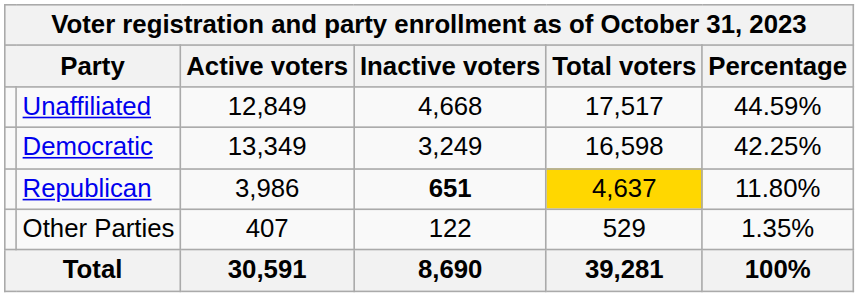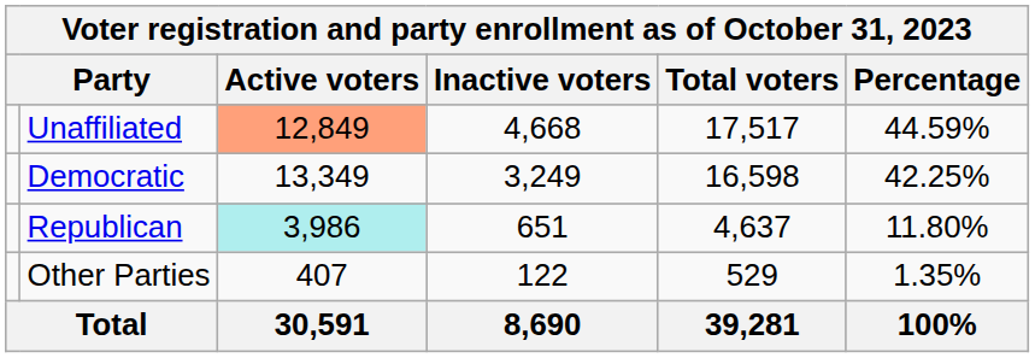 <table class=wikitable>
 <tr>
 <th colspan = 6>Voter registration and party enrollment as of October 31, 2023</th>
 </tr>
 <tr>
 <th colspan = 2>Party</th>
 <th>Active voters</th>
 <th>Inactive voters</th>
 <th>Total voters</th>
 <th>Percentage</th>
 </tr>
 <tr>
 <td></td>
 <td><a href='#'>Unaffiliated</a></td>
-<td align = center>12,849</td>
+<td align = center style="background: lightsalmon;">12,849</td>
 <td align = center>4,668</td>
 <td align = center>17,517</td>
 <td align = center>44.59%</td>
 </tr>
 <tr>
 <td></td>
 <td><a href='#'>Democratic</a></td>
 <td align = center>13,349</td>
 <td align = center>3,249</td>
 <td align = center>16,598</td>
 <td align = center>42.25%</td>
 </tr>
 <tr>
 <td></td>
 <td><a href='#'>Republican</a></td>
-<td align = center>3,986</td>
-<td align = center><strong>651</strong></td>
-<td align = center style="background: gold;">4,637</td>
+<td align = center style="background: paleturquoise;">3,986</td>
+<td align = center>651</td>
+<td align = center>4,637</td>
 <td align = center>11.80%</td>
 </tr>
 <tr>
 <td></td>
 <td>Other Parties</td>
 <td align = center>407</td>
 <td align = center>122</td>
 <td align = center>529</td>
 <td align = center>1.35%</td>
 </tr>
 <tr>
 <th colspan = 2>Total</th>
 <th align = center>30,591</th>
 <th align = center>8,690</th>
 <th align = center>39,281</th>
 <th align = center>100%</th>
 </tr>
 </table>
